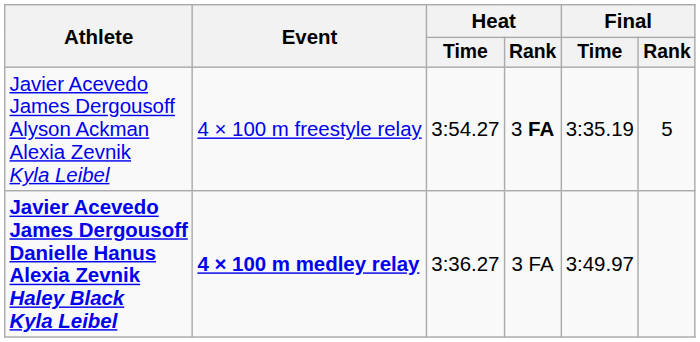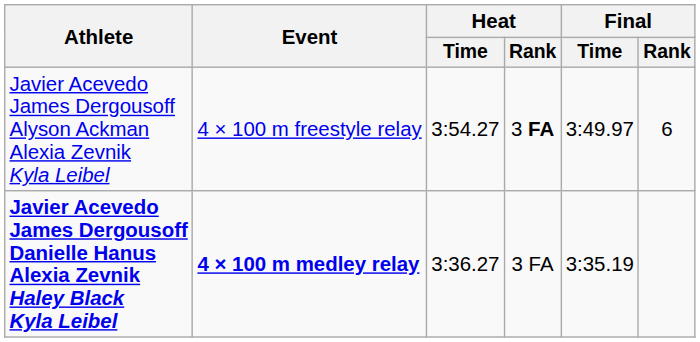 <table class=wikitable style="font-size:90%">
 <tr>
 <th rowspan="2">Athlete</th>
 <th rowspan="2">Event</th>
 <th colspan="2">Heat</th>
 <th colspan="2">Final</th>
 </tr>
 <tr style="font-size:95%">
 <th>Time</th>
 <th>Rank</th>
 <th>Time</th>
 <th>Rank</th>
 </tr>
 <tr align=center>
 <td align=left><a href='#'>Javier Acevedo</a><br><a href='#'>James Dergousoff</a><br><a href='#'>Alyson Ackman</a><br><a href='#'>Alexia Zevnik</a><br><em><a href='#'>Kyla Leibel</a></em></td>
 <td align=left><a href='#'>4 × 100 m freestyle relay</a></td>
 <td>3:54.27</td>
 <td>3 <strong>FA</strong></td>
-<td>3:35.19</td>
-<td>5</td>
+<td>3:49.97</td>
+<td>6</td>
 </tr>
 <tr align=center>
 <td align=left><strong><a href='#'>Javier Acevedo</a><br><a href='#'>James Dergousoff</a><br><a href='#'>Danielle Hanus</a><br><a href='#'>Alexia Zevnik</a><br><em><a href='#'>Haley Black</a></em><br><em><a href='#'>Kyla Leibel</a><strong><em></td>
 <td align=left><strong><a href='#'>4 × 100 m medley relay</a></strong></td>
 <td>3:36.27</td>
 <td>3 </strong>FA<strong></td>
-<td>3:49.97</td>
+<td>3:35.19</td>
 <td></td>
 </tr>
 </table>
